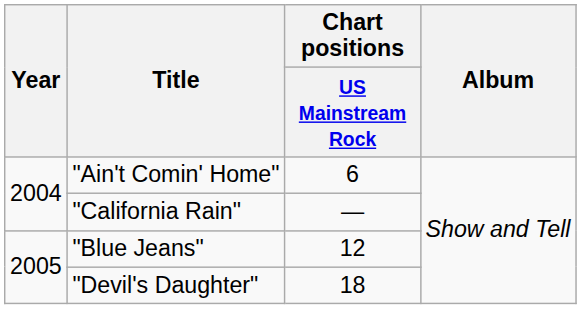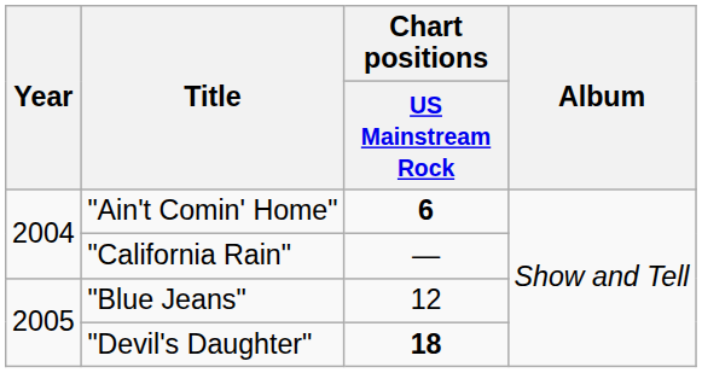 <table class="wikitable">
 <tr>
 <th rowspan="2">Year</th>
 <th rowspan="2">Title</th>
 <th>Chart positions</th>
 <th rowspan="2">Album</th>
 </tr>
 <tr>
 <th width="86"><small><a href='#'>US Mainstream Rock</a></small></th>
 </tr>
 <tr>
 <td rowspan="2">2004</td>
 <td>"Ain't Comin' Home"</td>
-<td align="center">6</td>
+<td align="center"><strong>6</strong></td>
 <td rowspan="4"><em>Show and Tell</em></td>
 </tr>
 <tr>
 <td>"California Rain"</td>
 <td align="center">—</td>
 </tr>
 <tr>
 <td rowspan="2">2005</td>
 <td>"Blue Jeans"</td>
 <td align="center">12</td>
 </tr>
 <tr>
 <td>"Devil's Daughter"</td>
-<td align="center">18</td>
+<td align="center"><strong>18</strong></td>
 </tr>
 </table>
